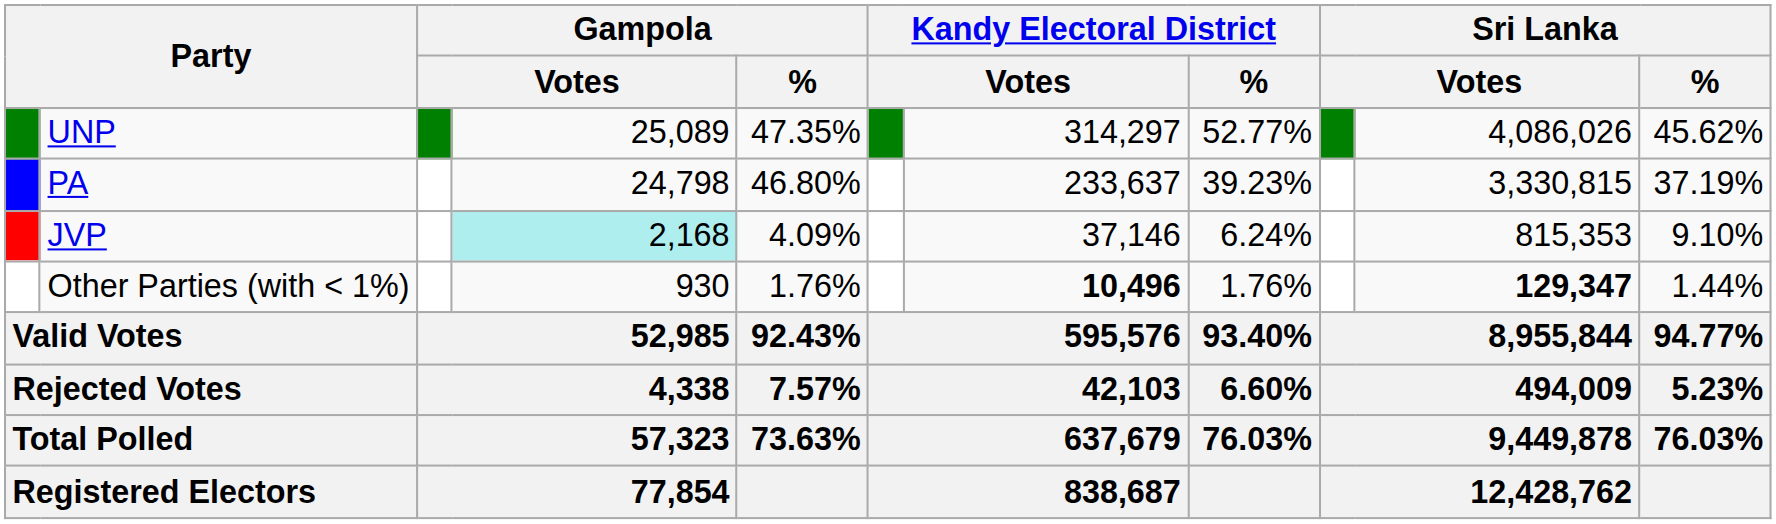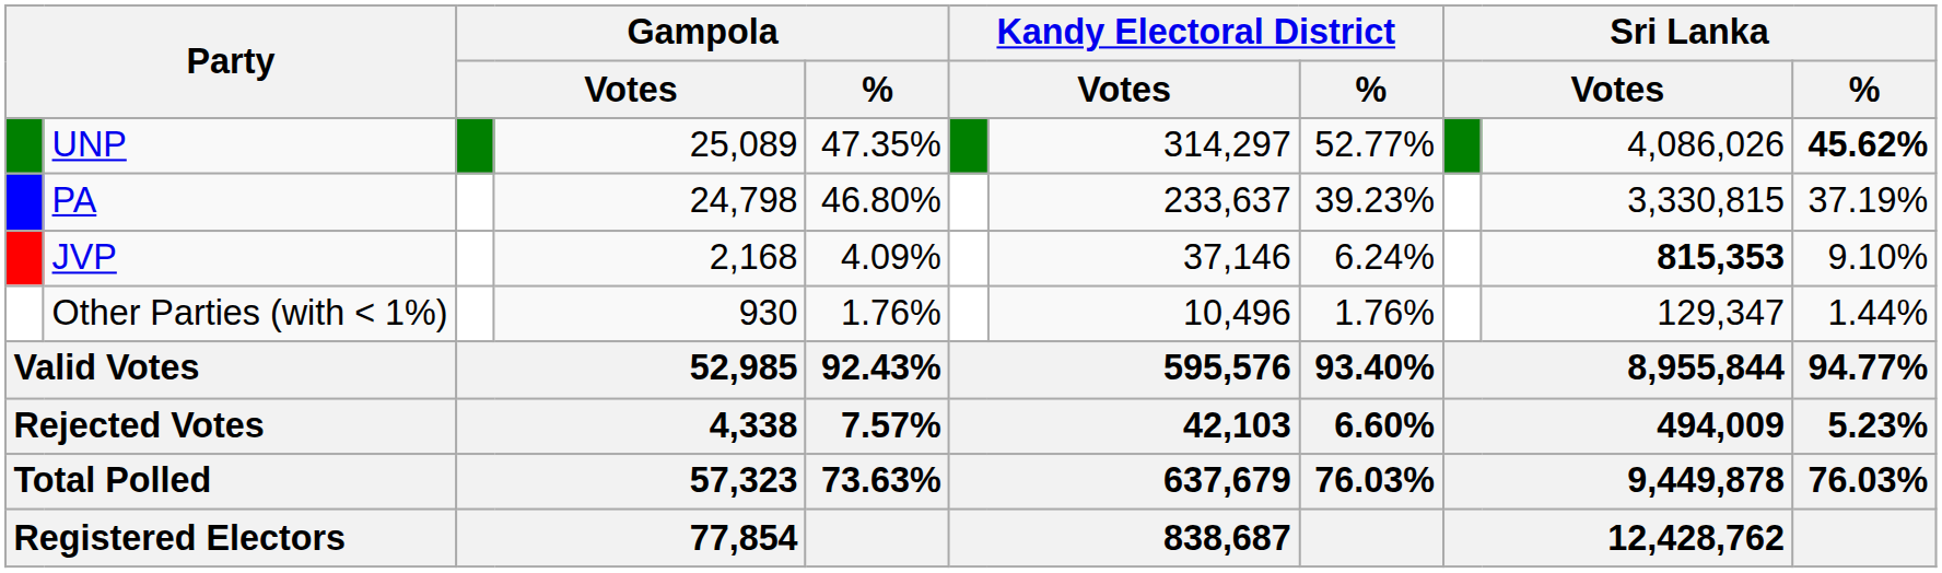 <table class="wikitable">
 <tr>
 <th colspan="2" width="144px"rowspan="2">Party</th>
 <th colspan="3" width="216px">Gampola</th>
 <th colspan="3" width="216px"><a href='#'>Kandy Electoral District</a></th>
 <th colspan="3" width="216px">Sri Lanka</th>
 </tr>
 <tr>
 <th colspan="2" width="144px">Votes</th>
 <th>%</th>
 <th colspan="2" width="144px">Votes</th>
 <th>%</th>
 <th colspan="2" width="144px">Votes</th>
 <th>%</th>
 </tr>
 <tr>
 <td style="background-color:green;" width="10px"></td>
 <td style="text-align:left;"><a href='#'>UNP</a></td>
 <td style="background-color:green;" width="10px"></td>
 <td style="text-align:right;">25,089</td>
 <td style="text-align:right;">47.35%</td>
 <td style="background-color:green;" width="10px"></td>
 <td style="text-align:right;">314,297</td>
 <td style="text-align:right;">52.77%</td>
 <td style="background-color:green;" width="10px"></td>
 <td style="text-align:right;">4,086,026</td>
-<td style="text-align:right;">45.62%</td>
+<td style="text-align:right;"><strong>45.62%</strong></td>
 </tr>
 <tr>
 <td style="background-color:blue;" width="10px"></td>
 <td style="text-align:left;"><a href='#'>PA</a></td>
 <td style="background-color:white;" width="10px"></td>
 <td style="text-align:right;">24,798</td>
 <td style="text-align:right;">46.80%</td>
 <td style="background-color:white;" width="10px"></td>
 <td style="text-align:right;">233,637</td>
 <td style="text-align:right;">39.23%</td>
 <td style="background-color:white;" width="10px"></td>
 <td style="text-align:right;">3,330,815</td>
 <td style="text-align:right;">37.19%</td>
 </tr>
 <tr>
 <td style="background-color:red;" width="10px"></td>
 <td style="text-align:left;"><a href='#'>JVP</a></td>
 <td style="background-color:white;" width="10px"></td>
-<td style="background: paleturquoise; text-align:right;">2,168</td>
+<td style="text-align:right;">2,168</td>
 <td style="text-align:right;">4.09%</td>
 <td style="background-color:white;" width="10px"></td>
 <td style="text-align:right;">37,146</td>
 <td style="text-align:right;">6.24%</td>
 <td style="background-color:white;" width="10px"></td>
-<td style="text-align:right;">815,353</td>
+<td style="text-align:right;"><strong>815,353</strong></td>
 <td style="text-align:right;">9.10%</td>
 </tr>
 <tr>
 <td style="background-color:white;" width="10px"></td>
 <td style="text-align:left;">Other Parties (with < 1%)</td>
 <td style="background-color:white;" width="10px"></td>
 <td style="text-align:right;">930</td>
 <td style="text-align:right;">1.76%</td>
 <td style="background-color:white;" width="10px"></td>
-<td style="text-align:right;"><strong>10,496</strong></td>
+<td style="text-align:right;">10,496</td>
 <td style="text-align:right;">1.76%</td>
 <td style="background-color:white;" width="10px"></td>
-<td style="text-align:right;"><strong>129,347</strong></td>
+<td style="text-align:right;">129,347</td>
 <td style="text-align:right;">1.44%</td>
 </tr>
 <tr>
 <th colspan="2" width="144px"style="text-align:left;">Valid Votes</th>
 <th style="text-align:right;"colspan="2" width="144px">52,985</th>
 <th style="text-align:right;">92.43%</th>
 <th style="text-align:right;"colspan="2" width="144px">595,576</th>
 <th style="text-align:right;">93.40%</th>
 <th style="text-align:right;"colspan="2" width="144px">8,955,844</th>
 <th style="text-align:right;">94.77%</th>
 </tr>
 <tr>
 <th colspan="2" width="144px"style="text-align:left;">Rejected Votes</th>
 <th style="text-align:right;"colspan="2" width="144px">4,338</th>
 <th style="text-align:right;">7.57%</th>
 <th style="text-align:right;"colspan="2" width="144px">42,103</th>
 <th style="text-align:right;">6.60%</th>
 <th style="text-align:right;"colspan="2" width="144px">494,009</th>
 <th style="text-align:right;">5.23%</th>
 </tr>
 <tr>
 <th colspan="2" width="144px"style="text-align:left;">Total Polled</th>
 <th style="text-align:right;"colspan="2" width="144px">57,323</th>
 <th style="text-align:right;">73.63%</th>
 <th style="text-align:right;"colspan="2" width="144px">637,679</th>
 <th style="text-align:right;">76.03%</th>
 <th style="text-align:right;"colspan="2" width="144px">9,449,878</th>
 <th style="text-align:right;">76.03%</th>
 </tr>
 <tr>
 <th colspan="2" width="144px"style="text-align:left;">Registered Electors</th>
 <th style="text-align:right;"colspan="2" width="144px">77,854</th>
 <th></th>
 <th style="text-align:right;"colspan="2" width="144px">838,687</th>
 <th></th>
 <th style="text-align:right;"colspan="2" width="144px">12,428,762</th>
 <th></th>
 </tr>
 </table>
